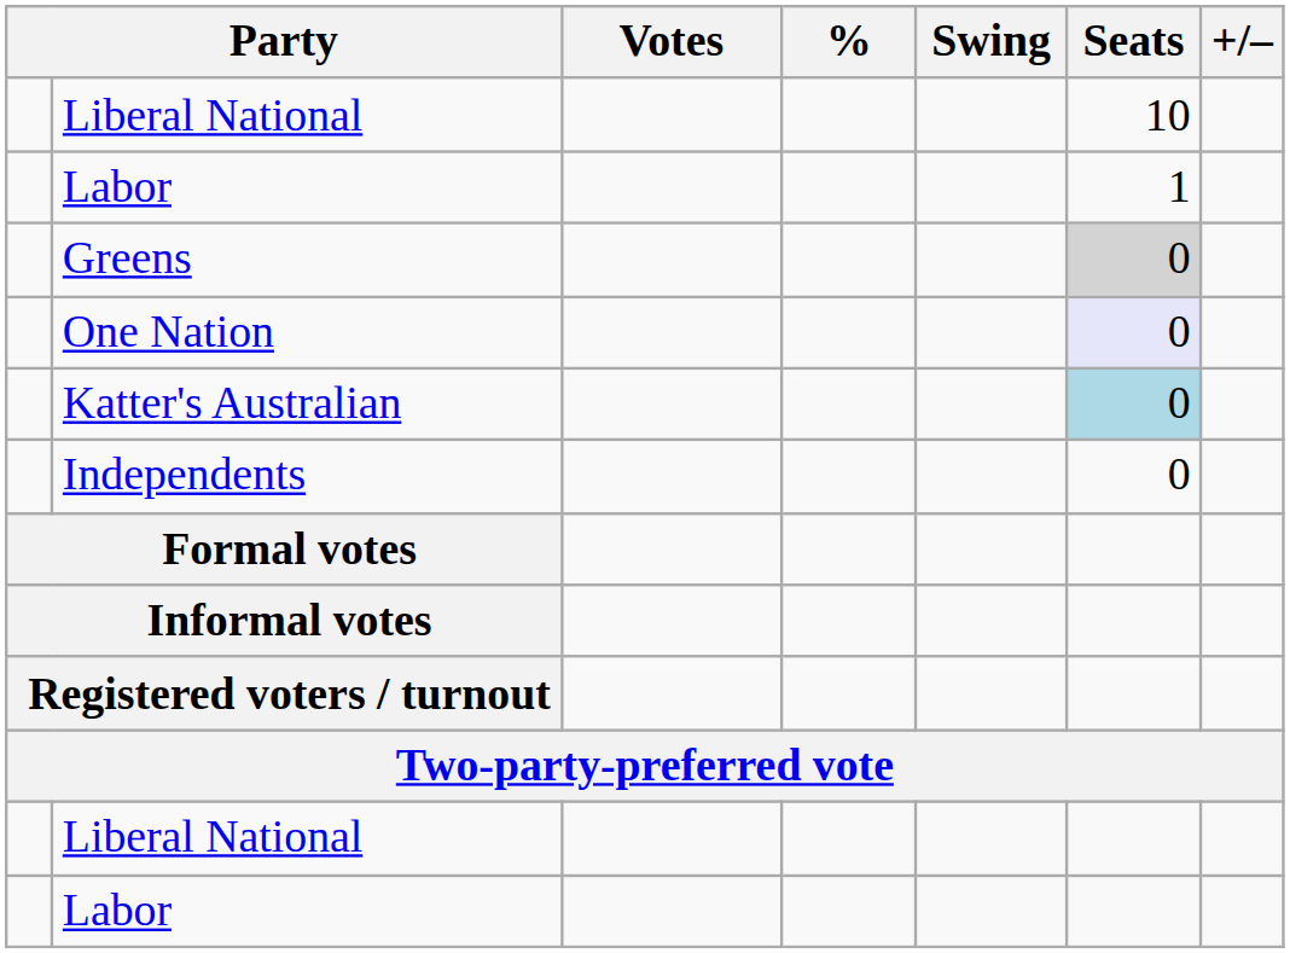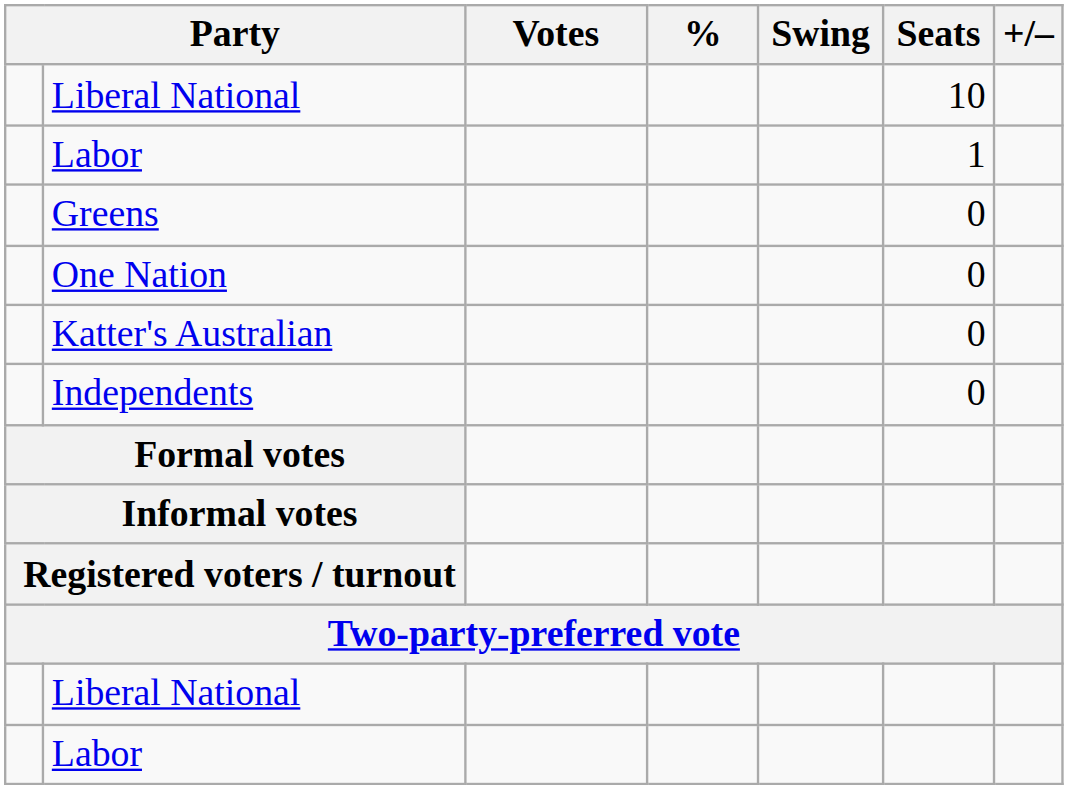 <table class="wikitable" style="text-align:right;  margin-bottom:0">
 <tr>
 <th style="width:10px" colspan=3>Party</th>
 <th style="width:70px;">Votes</th>
 <th style="width:40px;">%</th>
 <th style="width:45px;">Swing</th>
 <th style="width:40px;">Seats</th>
 <th>+/–</th>
 </tr>
 <tr>
 <td> </td>
 <td style="text-align:left;" colspan="2"><a href='#'>Liberal National</a></td>
 <td></td>
 <td></td>
 <td></td>
 <td>10</td>
 <td></td>
 </tr>
 <tr>
 <td> </td>
 <td style="text-align:left;" colspan="2"><a href='#'>Labor</a></td>
 <td></td>
 <td></td>
 <td></td>
 <td>1</td>
 <td></td>
 </tr>
 <tr>
 <td> </td>
 <td style="text-align:left;" colspan="2"><a href='#'>Greens</a></td>
 <td></td>
 <td></td>
 <td></td>
-<td style="background: lightgrey;">0</td>
+<td>0</td>
 <td></td>
 </tr>
 <tr>
 <td> </td>
 <td style="text-align:left;" colspan="2"><a href='#'>One Nation</a></td>
 <td></td>
 <td></td>
 <td></td>
-<td style="background: lavender;">0</td>
+<td>0</td>
 <td></td>
 </tr>
 <tr>
 <td> </td>
 <td style="text-align:left;" colspan="2"><a href='#'>Katter's Australian</a></td>
 <td></td>
 <td></td>
 <td></td>
-<td style="background: lightblue;">0</td>
+<td>0</td>
 <td></td>
 </tr>
 <tr>
 <td> </td>
 <td colspan="2" style="text-align:left;"><a href='#'>Independents</a></td>
 <td></td>
 <td></td>
 <td></td>
 <td>0</td>
 <td></td>
 </tr>
 <tr>
 <th colspan="3" rowspan="1"> Formal votes</th>
 <td></td>
 <td></td>
 <td></td>
 <td></td>
 <td></td>
 </tr>
 <tr>
 <th colspan="3" rowspan="1"> Informal votes</th>
 <td></td>
 <td></td>
 <td></td>
 <td></td>
 <td></td>
 </tr>
 <tr>
 <th colspan="3" rowspan="1"> Registered voters / turnout</th>
 <td></td>
 <td></td>
 <td></td>
 <td></td>
 <td></td>
 </tr>
 <tr>
 <th colspan="8"><a href='#'>Two-party-preferred vote</a></th>
 </tr>
 <tr>
 <td></td>
 <td style="text-align:left;" colspan="2"><a href='#'>Liberal National</a></td>
 <td></td>
 <td></td>
 <td></td>
 <td></td>
 <td></td>
 </tr>
 <tr>
 <td></td>
 <td style="text-align:left;" colspan="2"><a href='#'>Labor</a></td>
 <td></td>
 <td></td>
 <td></td>
 <td></td>
 <td></td>
 </tr>
 </table>
